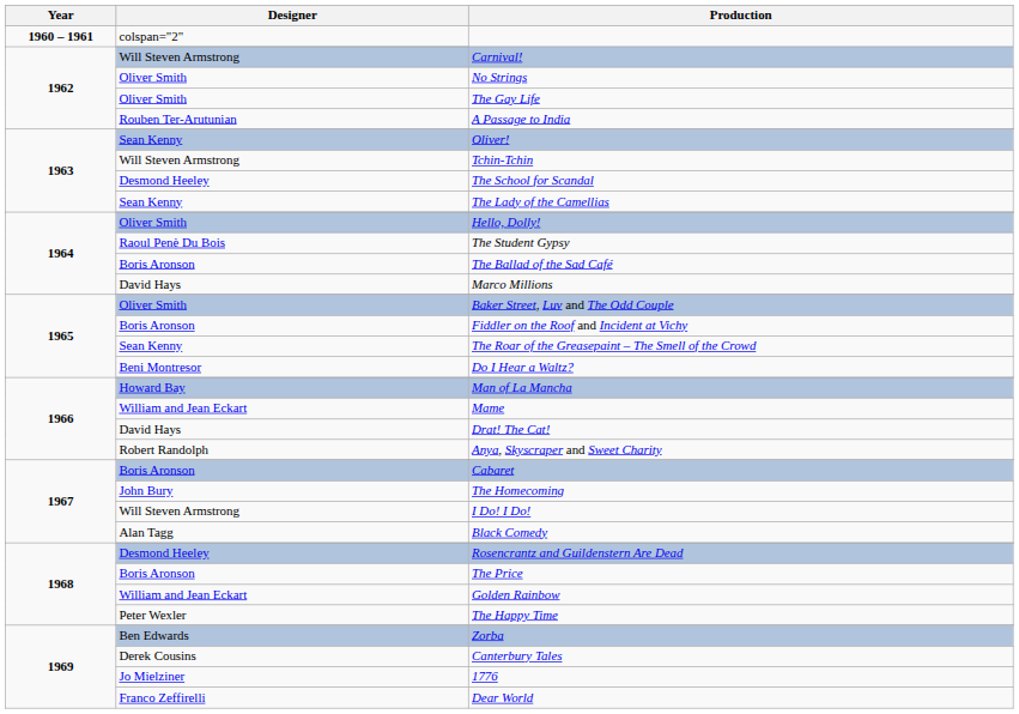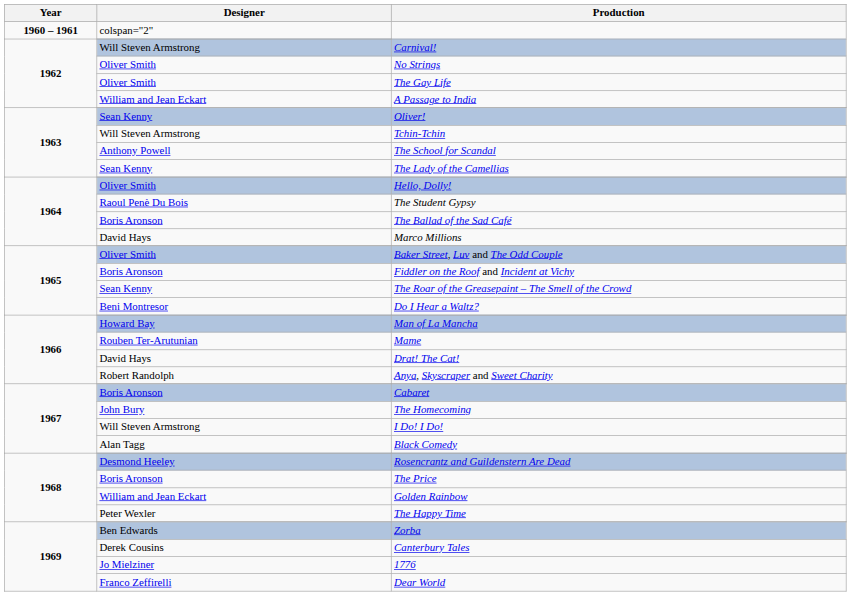 <table class="wikitable" style="width:98%;">
 <tr style="background:#bebebe;">
 <th style="width:11%;">Year</th>
 <th style="width:35%;">Designer</th>
 <th style="width:54%;">Production</th>
 </tr>
 <tr>
 <td align="center"><strong>1960 – 1961</strong></td>
 <td>colspan="2" </td>
 </tr>
 <tr>
 <td rowspan="5" align="center"><strong>1962</strong><br></td>
 </tr>
 <tr style="background:#B0C4DE">
 <td>Will Steven Armstrong</td>
 <td><em><a href='#'>Carnival!</a></em></td>
 </tr>
 <tr>
 <td><a href='#'>Oliver Smith</a></td>
 <td><em><a href='#'>No Strings</a></em></td>
 </tr>
 <tr>
 <td><a href='#'>Oliver Smith</a></td>
 <td><em><a href='#'>The Gay Life</a></em></td>
 </tr>
 <tr>
-<td><a href='#'>Rouben Ter-Arutunian</a></td>
+<td><a href='#'>William and Jean Eckart</a></td>
 <td><em><a href='#'>A Passage to India</a></em></td>
 </tr>
 <tr>
 <td rowspan="5" align="center"><strong>1963</strong><br></td>
 </tr>
 <tr style="background:#B0C4DE">
 <td><a href='#'>Sean Kenny</a></td>
 <td><em><a href='#'>Oliver!</a></em></td>
 </tr>
 <tr>
 <td>Will Steven Armstrong</td>
 <td><em><a href='#'>Tchin-Tchin</a></em></td>
 </tr>
 <tr>
-<td><a href='#'>Desmond Heeley</a></td>
+<td><a href='#'>Anthony Powell</a></td>
 <td><em><a href='#'>The School for Scandal</a></em></td>
 </tr>
 <tr>
 <td><a href='#'>Sean Kenny</a></td>
 <td><em><a href='#'>The Lady of the Camellias</a></em></td>
 </tr>
 <tr>
 <td rowspan="5" align="center"><strong>1964</strong><br></td>
 </tr>
 <tr style="background:#B0C4DE">
 <td><a href='#'>Oliver Smith</a></td>
 <td><em><a href='#'>Hello, Dolly!</a></em></td>
 </tr>
 <tr>
 <td><a href='#'>Raoul Penè Du Bois</a></td>
 <td><em>The Student Gypsy</em></td>
 </tr>
 <tr>
 <td><a href='#'>Boris Aronson</a></td>
 <td><em><a href='#'>The Ballad of the Sad Café</a></em></td>
 </tr>
 <tr>
 <td>David Hays</td>
 <td><em>Marco Millions</em></td>
 </tr>
 <tr>
 <td rowspan="5" align="center"><strong>1965</strong><br></td>
 </tr>
 <tr style="background:#B0C4DE">
 <td><a href='#'>Oliver Smith</a></td>
 <td><em><a href='#'>Baker Street</a></em>, <em><a href='#'>Luv</a></em> and <em><a href='#'>The Odd Couple</a></em></td>
 </tr>
 <tr>
 <td><a href='#'>Boris Aronson</a></td>
 <td><em><a href='#'>Fiddler on the Roof</a></em> and <em><a href='#'>Incident at Vichy</a></em></td>
 </tr>
 <tr>
 <td><a href='#'>Sean Kenny</a></td>
 <td><em><a href='#'>The Roar of the Greasepaint – The Smell of the Crowd</a></em></td>
 </tr>
 <tr>
 <td><a href='#'>Beni Montresor</a></td>
 <td><em><a href='#'>Do I Hear a Waltz?</a></em></td>
 </tr>
 <tr>
 <td rowspan="5" align="center"><strong>1966</strong><br></td>
 </tr>
 <tr style="background:#B0C4DE">
 <td><a href='#'>Howard Bay</a></td>
 <td><em><a href='#'>Man of La Mancha</a></em></td>
 </tr>
 <tr>
-<td><a href='#'>William and Jean Eckart</a></td>
+<td><a href='#'>Rouben Ter-Arutunian</a></td>
 <td><em><a href='#'>Mame</a></em></td>
 </tr>
 <tr>
 <td>David Hays</td>
 <td><em><a href='#'>Drat! The Cat!</a></em></td>
 </tr>
 <tr>
 <td>Robert Randolph</td>
 <td><em><a href='#'>Anya</a></em>, <em><a href='#'>Skyscraper</a></em> and <em><a href='#'>Sweet Charity</a></em></td>
 </tr>
 <tr>
 <td rowspan="5" align="center"><strong>1967</strong><br></td>
 </tr>
 <tr style="background:#B0C4DE">
 <td><a href='#'>Boris Aronson</a></td>
 <td><em><a href='#'>Cabaret</a></em></td>
 </tr>
 <tr>
 <td><a href='#'>John Bury</a></td>
 <td><em><a href='#'>The Homecoming</a></em></td>
 </tr>
 <tr>
 <td>Will Steven Armstrong</td>
 <td><em><a href='#'>I Do! I Do!</a></em></td>
 </tr>
 <tr>
 <td>Alan Tagg</td>
 <td><em><a href='#'>Black Comedy</a></em></td>
 </tr>
 <tr>
 <td rowspan="5" align="center"><strong>1968</strong><br></td>
 </tr>
 <tr style="background:#B0C4DE">
 <td><a href='#'>Desmond Heeley</a></td>
 <td><em><a href='#'>Rosencrantz and Guildenstern Are Dead</a></em></td>
 </tr>
 <tr>
 <td><a href='#'>Boris Aronson</a></td>
 <td><em><a href='#'>The Price</a></em></td>
 </tr>
 <tr>
 <td><a href='#'>William and Jean Eckart</a></td>
 <td><em><a href='#'>Golden Rainbow</a></em></td>
 </tr>
 <tr>
 <td>Peter Wexler</td>
 <td><em><a href='#'>The Happy Time</a></em></td>
 </tr>
 <tr>
 <td rowspan="5" align="center"><strong>1969</strong><br></td>
 </tr>
 <tr style="background:#B0C4DE">
 <td>Ben Edwards</td>
 <td><em><a href='#'>Zorba</a></em></td>
 </tr>
 <tr>
 <td>Derek Cousins</td>
 <td><em><a href='#'>Canterbury Tales</a></em></td>
 </tr>
 <tr>
 <td><a href='#'>Jo Mielziner</a></td>
 <td><em><a href='#'>1776</a></em></td>
 </tr>
 <tr>
 <td><a href='#'>Franco Zeffirelli</a></td>
 <td><em><a href='#'>Dear World</a></em></td>
 </tr>
 </table>
